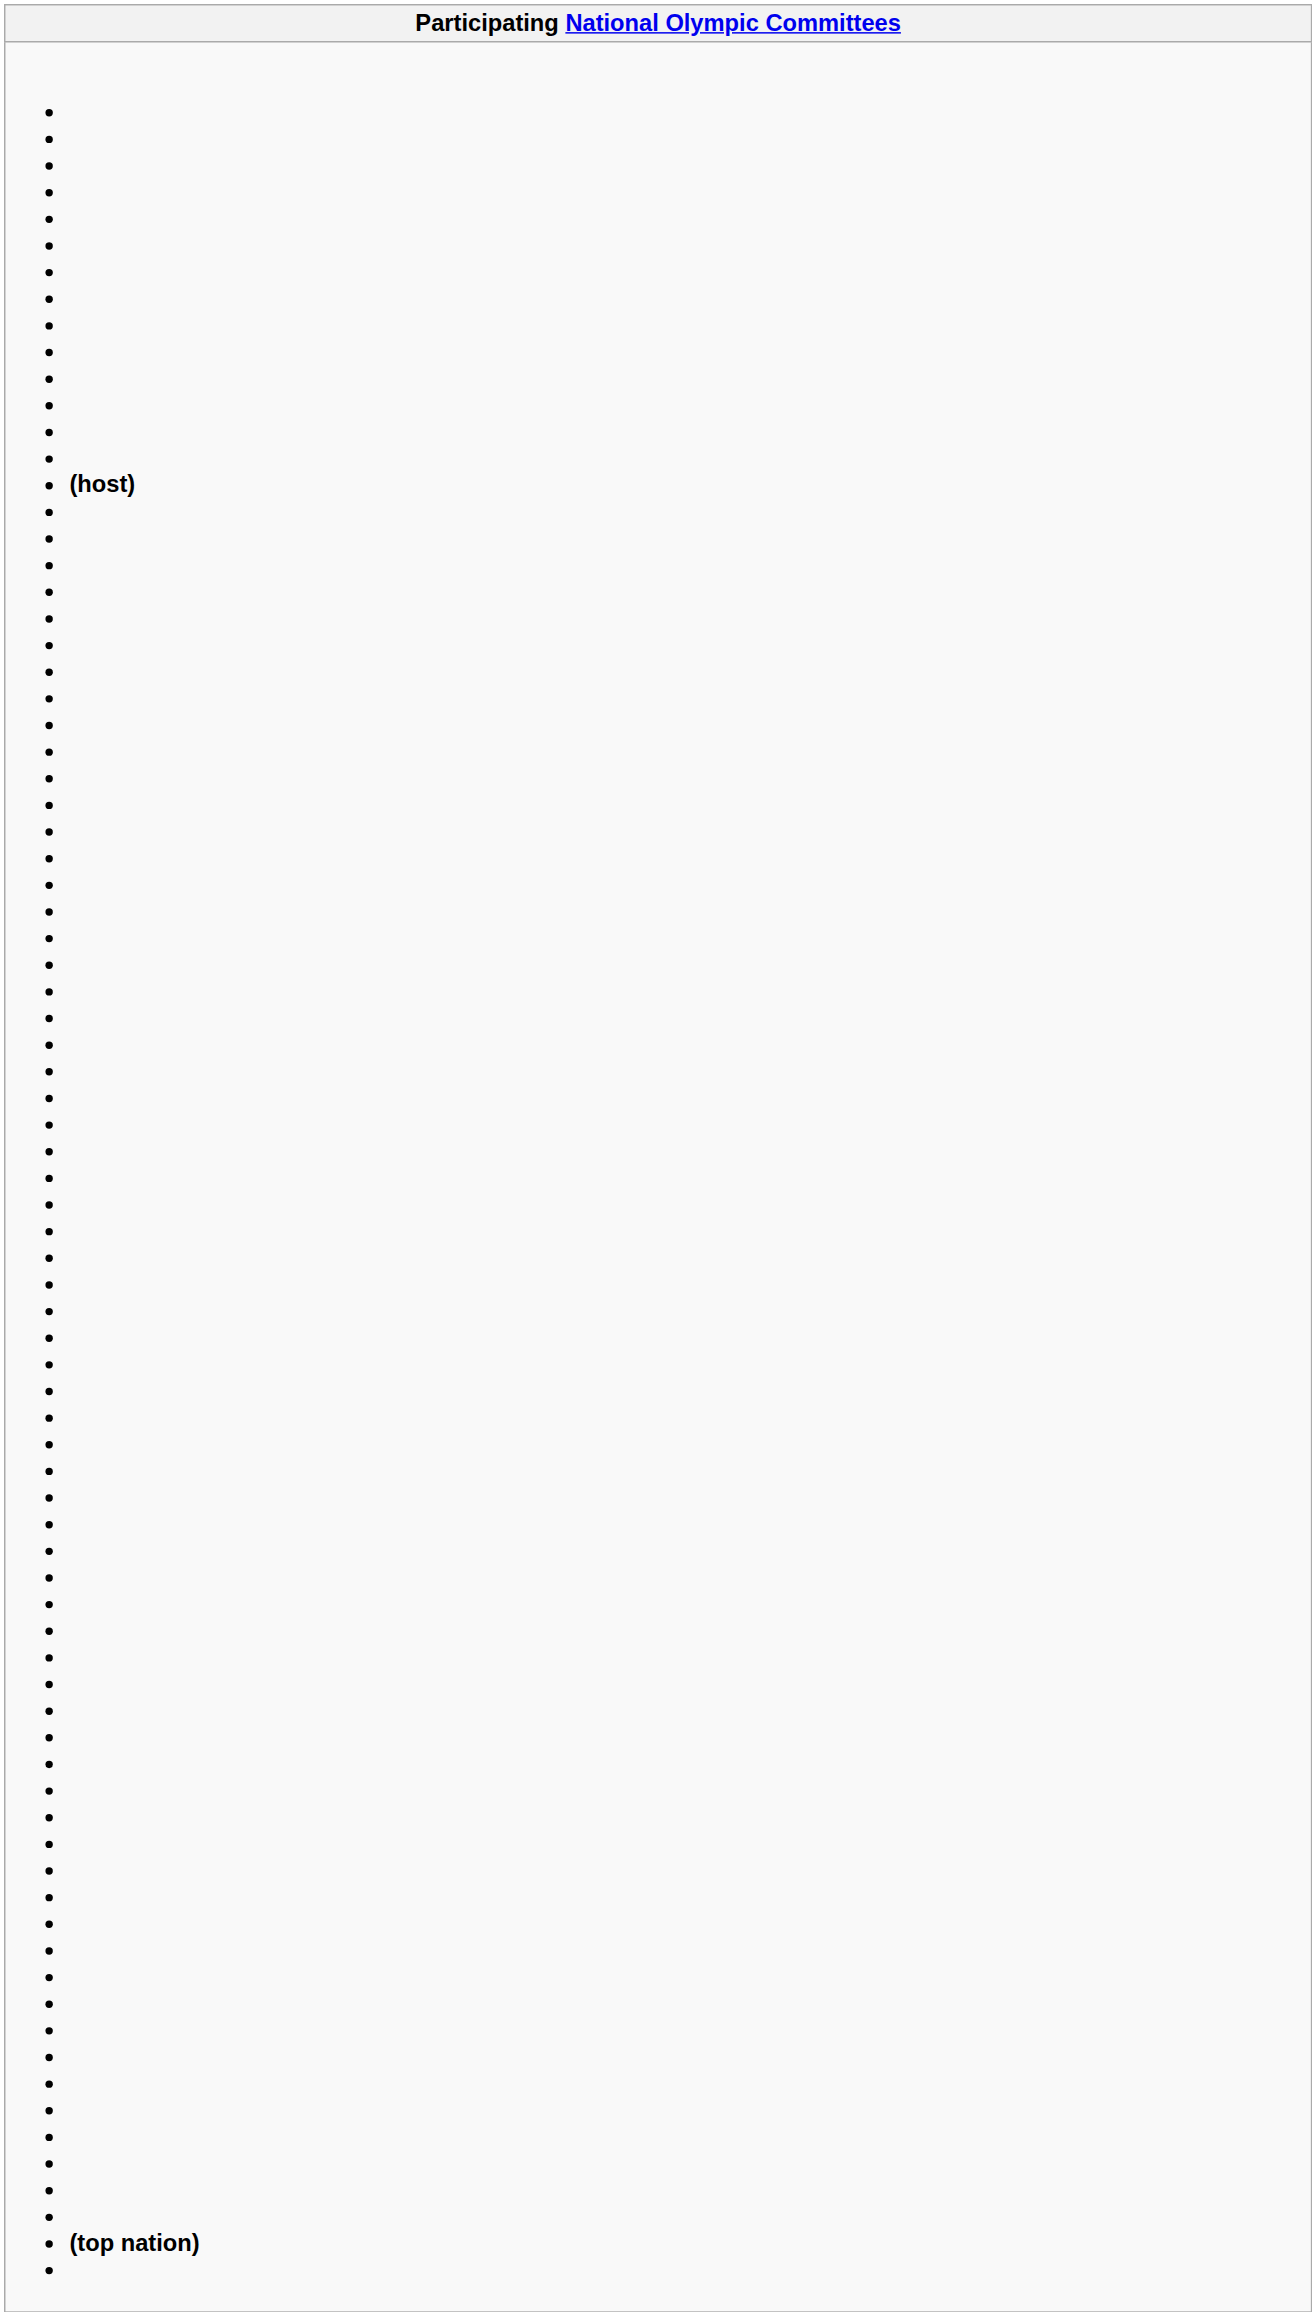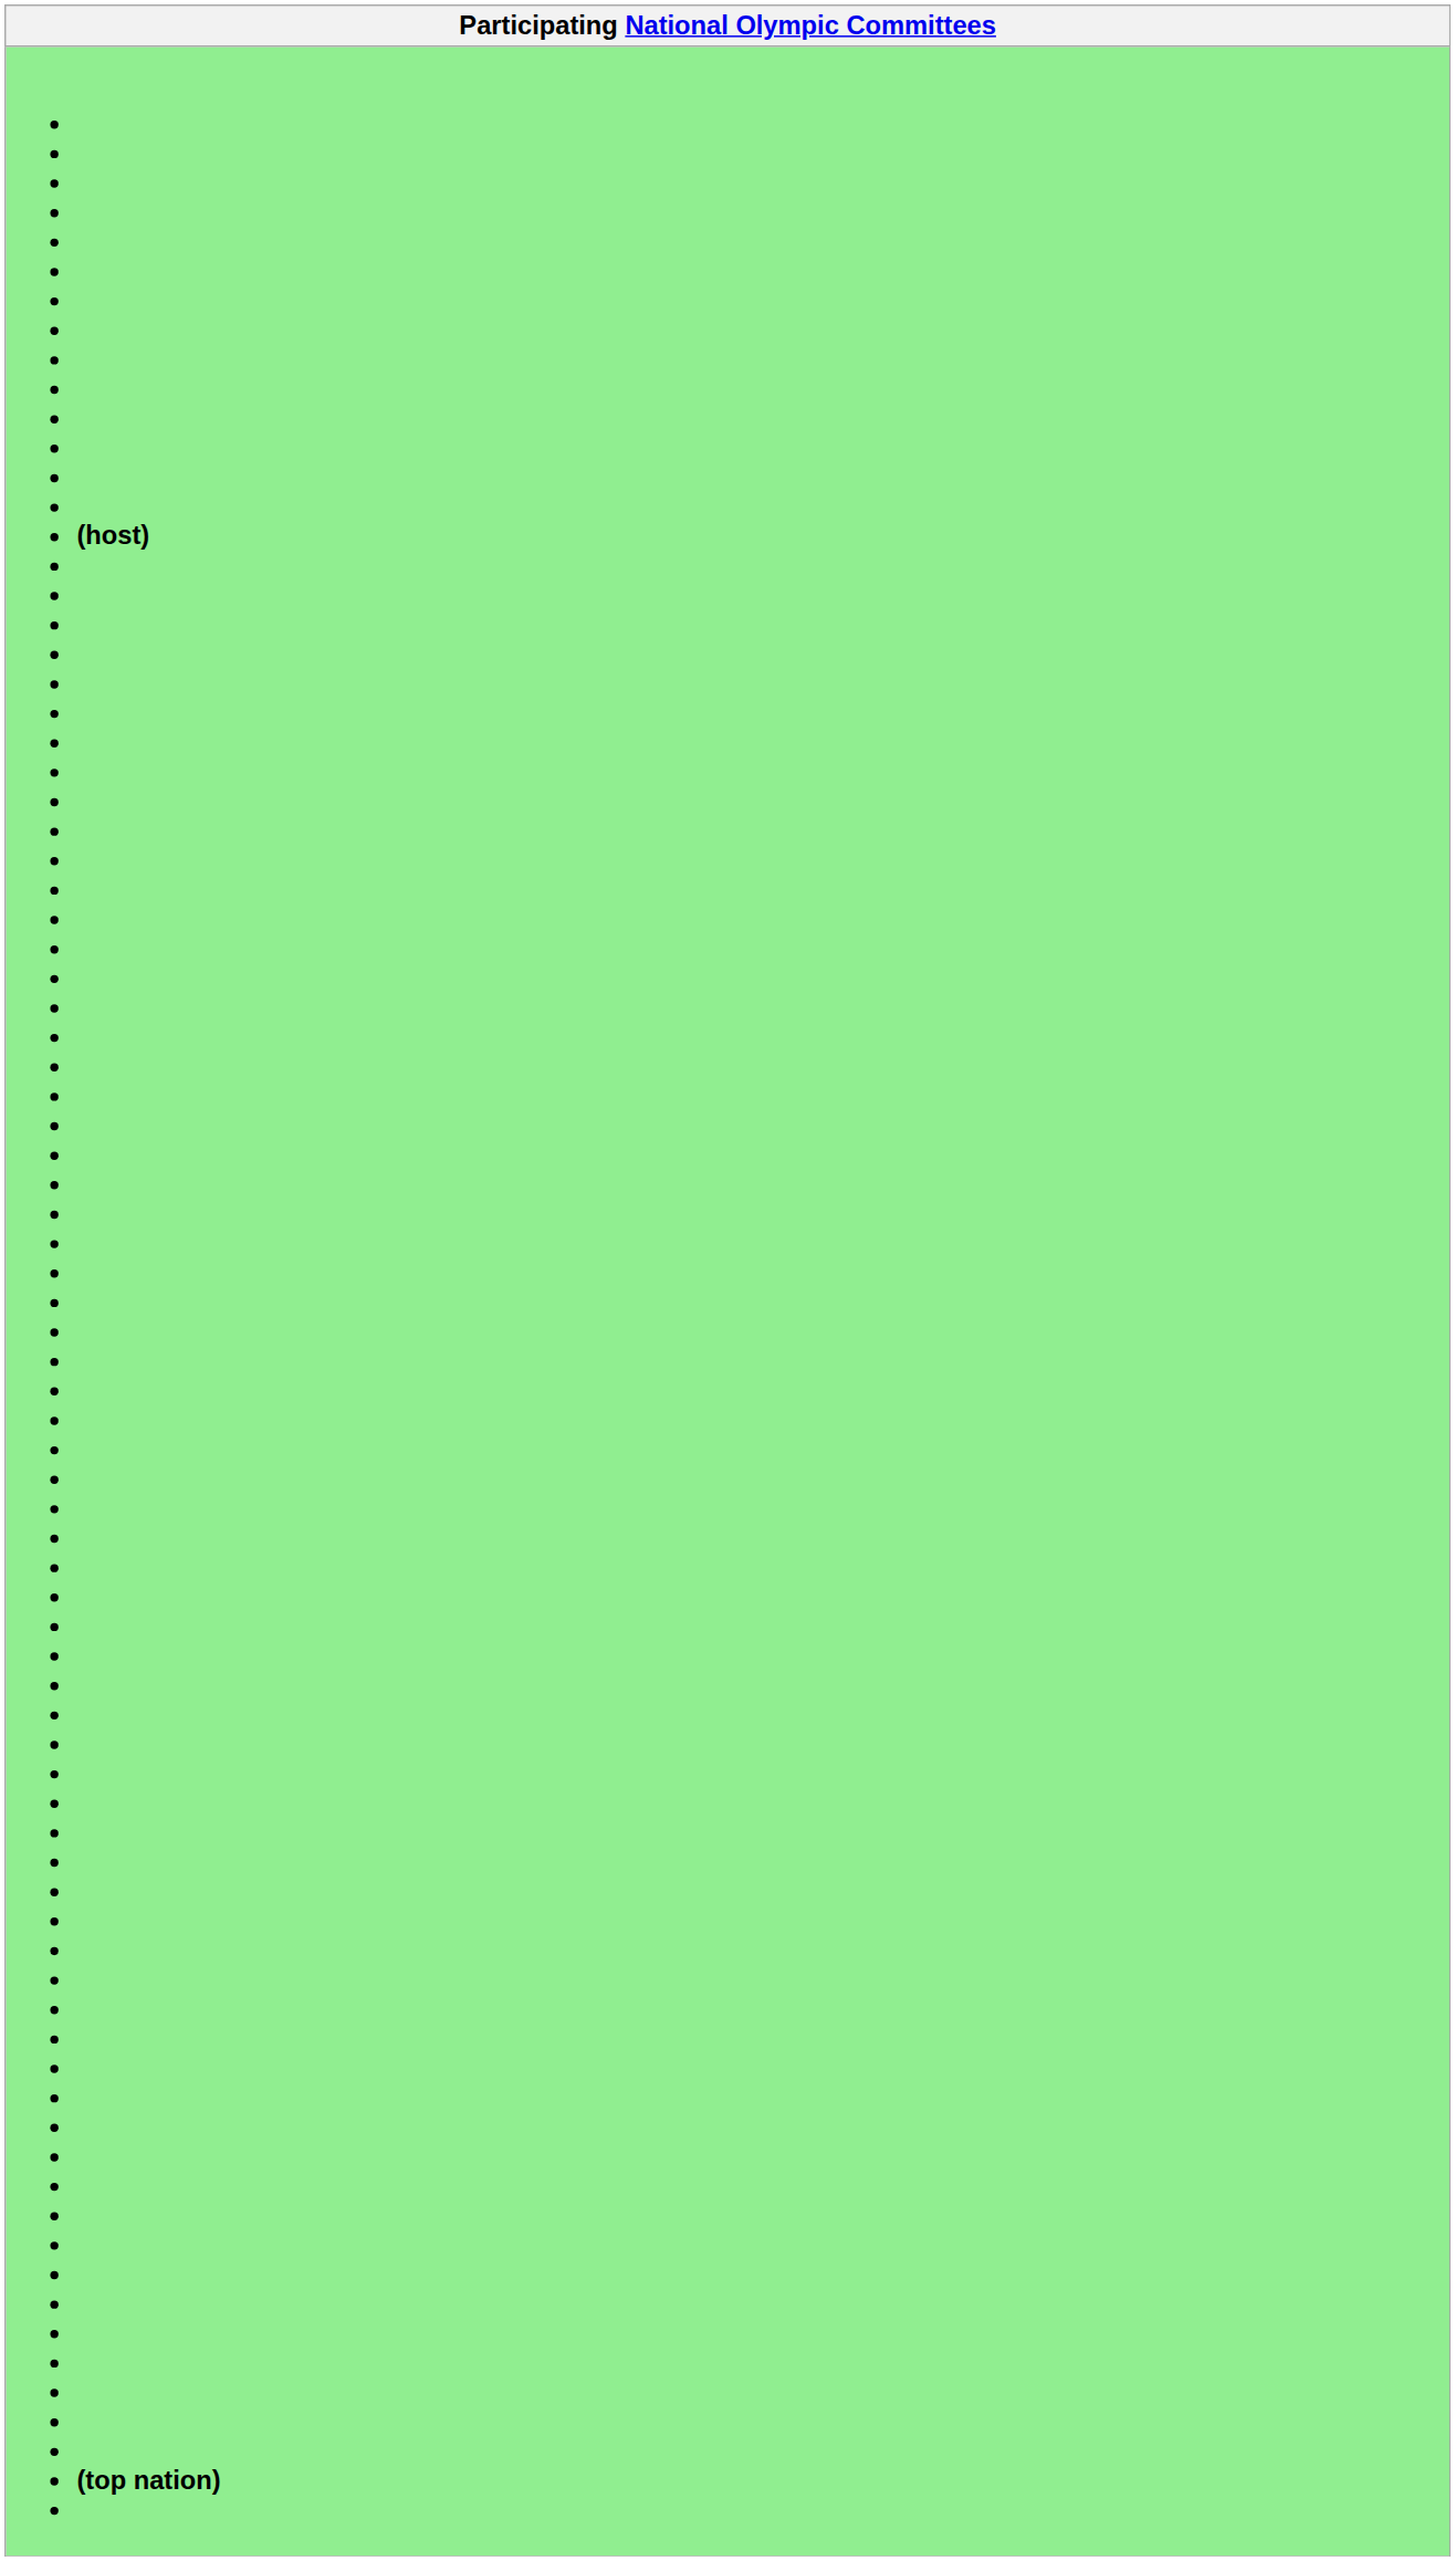 <table class="wikitable collapsible" style="width:100%;">
 <tr>
 <th>Participating <a href='#'>National Olympic Committees</a></th>
 </tr>
 <tr>
-<td><br><ul><li></li><li></li><li></li><li></li><li></li><li></li><li></li><li></li><li></li><li></li><li></li><li></li><li></li><li></li><li> <strong>(host)</strong></li><li></li><li></li><li></li><li></li><li></li><li></li><li></li><li></li><li></li><li></li><li></li><li></li><li></li><li></li><li></li><li></li><li></li><li></li><li></li><li></li><li></li><li></li><li></li><li></li><li></li><li></li><li></li><li></li><li></li><li></li><li></li><li></li><li></li><li></li><li></li><li></li><li></li><li></li><li></li><li></li><li></li><li></li><li></li><li></li><li></li><li></li><li></li><li></li><li></li><li></li><li></li><li></li><li></li><li></li><li></li><li></li><li></li><li></li><li></li><li></li><li></li><li></li><li></li><li></li><li></li><li> <strong> (top nation)</strong></li><li></li></ul></td>
+<td style="background: lightgreen;"><br><ul><li></li><li></li><li></li><li></li><li></li><li></li><li></li><li></li><li></li><li></li><li></li><li></li><li></li><li></li><li> <strong>(host)</strong></li><li></li><li></li><li></li><li></li><li></li><li></li><li></li><li></li><li></li><li></li><li></li><li></li><li></li><li></li><li></li><li></li><li></li><li></li><li></li><li></li><li></li><li></li><li></li><li></li><li></li><li></li><li></li><li></li><li></li><li></li><li></li><li></li><li></li><li></li><li></li><li></li><li></li><li></li><li></li><li></li><li></li><li></li><li></li><li></li><li></li><li></li><li></li><li></li><li></li><li></li><li></li><li></li><li></li><li></li><li></li><li></li><li></li><li></li><li></li><li></li><li></li><li></li><li></li><li></li><li></li><li> <strong> (top nation)</strong></li><li></li></ul></td>
 </tr>
 </table>
